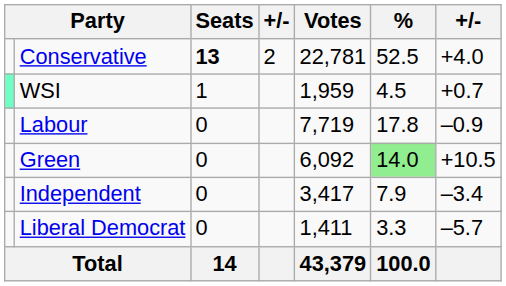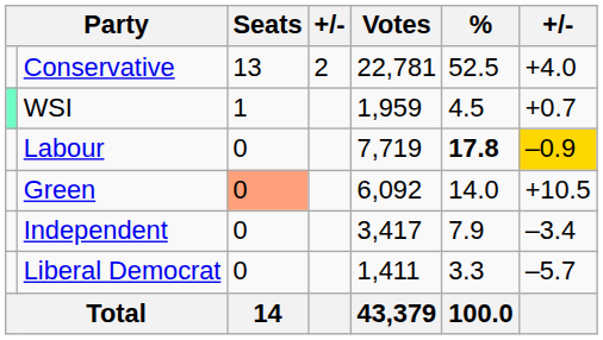 <table class="wikitable sortable">
 <tr>
 <th colspan="2">Party</th>
 <th>Seats</th>
 <th>+/-</th>
 <th>Votes</th>
 <th>%</th>
 <th>+/-</th>
 </tr>
 <tr>
 <td style="background-color: "></td>
 <td><a href='#'>Conservative</a></td>
-<td><strong>13</strong></td>
+<td>13</td>
 <td> 2</td>
 <td>22,781</td>
 <td>52.5</td>
 <td>+4.0</td>
 </tr>
 <tr>
 <td style="background-color: #6EFFC5"></td>
 <td>WSI</td>
 <td>1</td>
 <td></td>
 <td>1,959</td>
 <td>4.5</td>
 <td>+0.7</td>
 </tr>
 <tr>
 <td style="background-color: "></td>
 <td><a href='#'>Labour</a></td>
 <td>0</td>
 <td></td>
 <td>7,719</td>
-<td>17.8</td>
-<td>–0.9</td>
+<td><strong>17.8</strong></td>
+<td style="background: gold;">–0.9</td>
 </tr>
 <tr>
 <td style="background-color: "></td>
 <td><a href='#'>Green</a></td>
-<td>0</td>
+<td style="background: lightsalmon;">0</td>
 <td></td>
 <td>6,092</td>
-<td style="background: lightgreen;">14.0</td>
+<td>14.0</td>
 <td>+10.5</td>
 </tr>
 <tr>
 <td style="background-color: "></td>
 <td><a href='#'>Independent</a></td>
 <td>0</td>
 <td></td>
 <td>3,417</td>
 <td>7.9</td>
 <td>–3.4</td>
 </tr>
 <tr>
 <td style="background-color: "></td>
 <td><a href='#'>Liberal Democrat</a></td>
 <td>0</td>
 <td></td>
 <td>1,411</td>
 <td>3.3</td>
 <td>–5.7</td>
 </tr>
 <tr>
 <th colspan="2"><strong>Total</strong></th>
 <th>14</th>
 <th></th>
 <th>43,379</th>
 <th>100.0</th>
 <th></th>
 </tr>
 </table>
